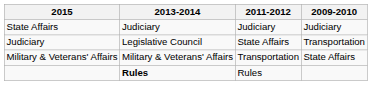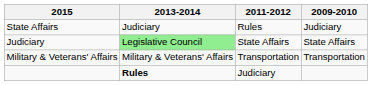 <table class="wikitable mw-collapsible">
 <tr>
 <th>2015</th>
 <th>2013-2014</th>
 <th>2011-2012</th>
 <th>2009-2010</th>
 </tr>
 <tr>
 <td>State Affairs</td>
 <td>Judiciary</td>
-<td>Judiciary</td>
+<td>Rules</td>
 <td>Judiciary</td>
 </tr>
 <tr>
 <td>Judiciary</td>
-<td>Legislative Council</td>
+<td style="background: lightgreen;">Legislative Council</td>
 <td>State Affairs</td>
-<td>Transportation</td>
+<td>State Affairs</td>
 </tr>
 <tr>
 <td>Military & Veterans' Affairs</td>
 <td>Military & Veterans' Affairs</td>
 <td>Transportation</td>
-<td>State Affairs</td>
+<td>Transportation</td>
 </tr>
 <tr>
 <td></td>
 <td><strong>Rules</strong></td>
-<td>Rules</td>
+<td>Judiciary</td>
 <td></td>
 </tr>
 </table>
